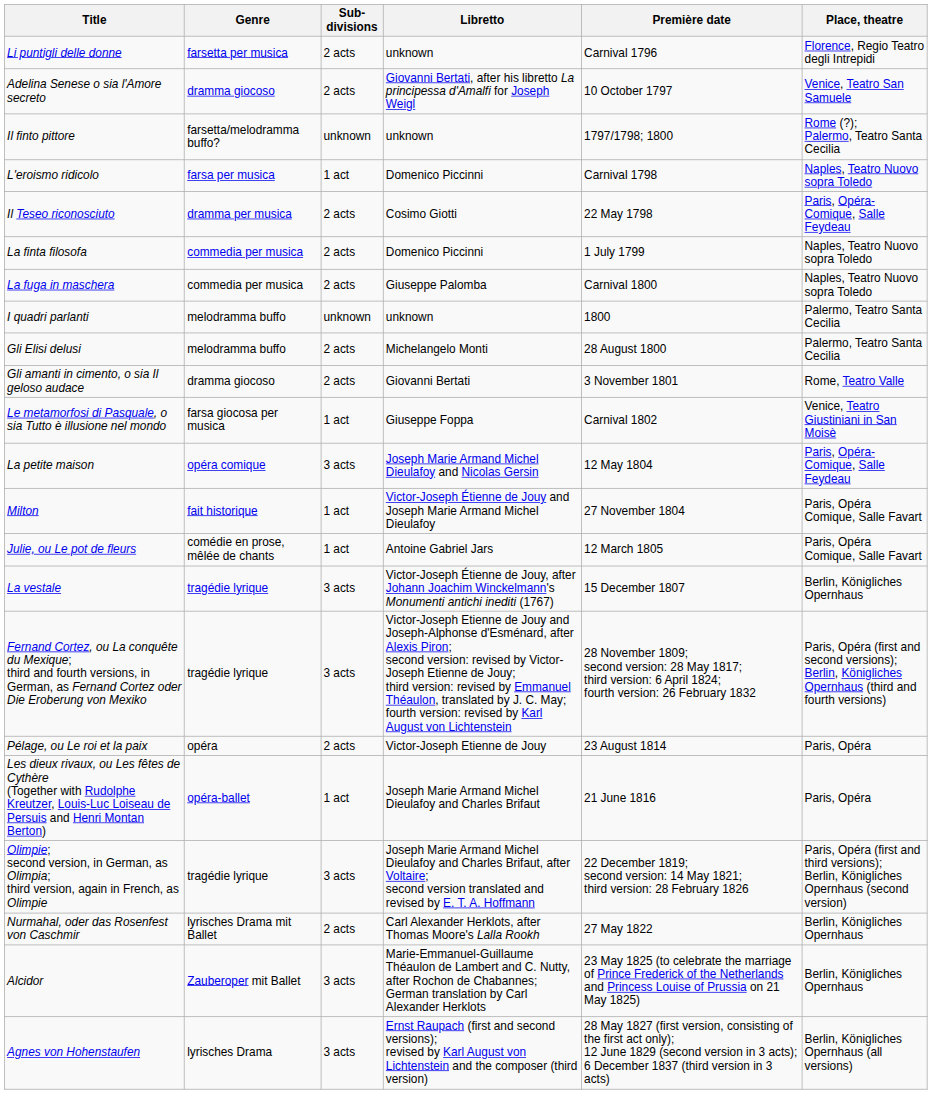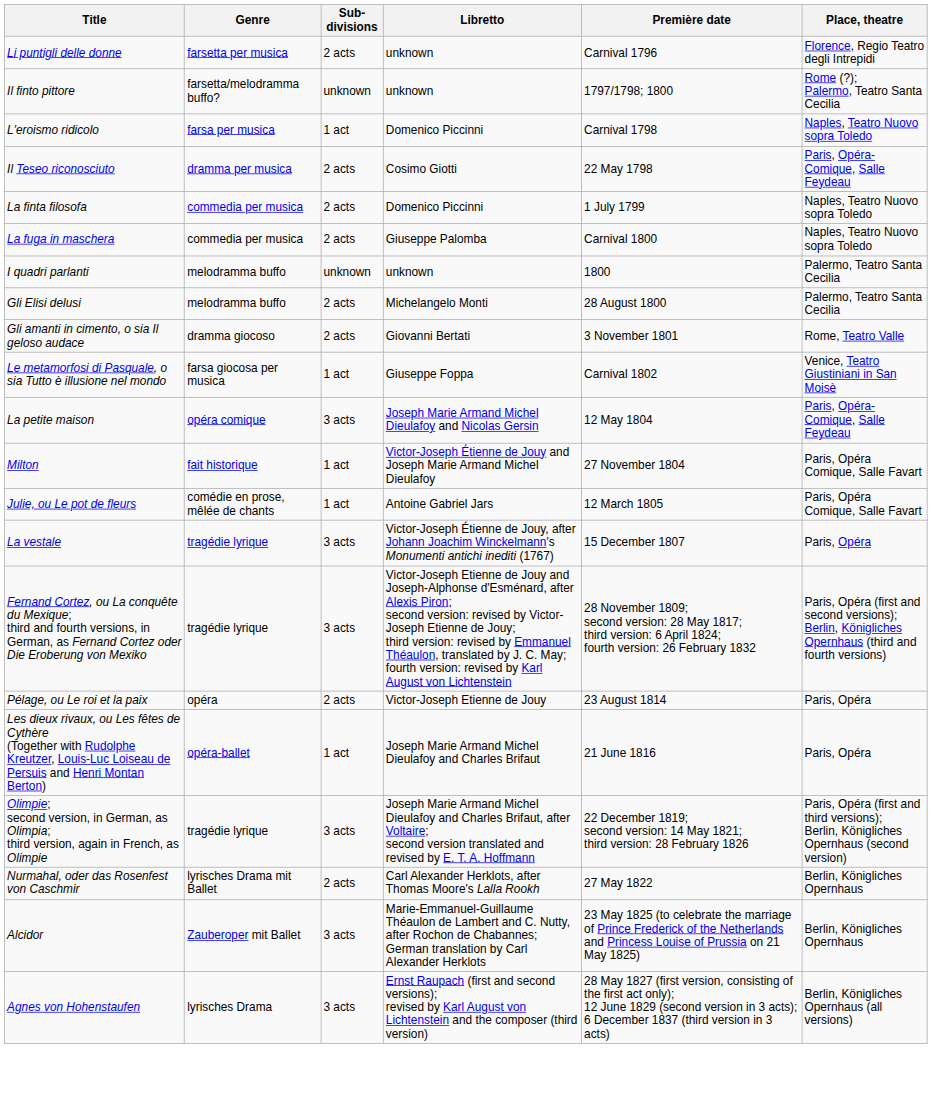 <table class="wikitable sortable">
 <tr>
 <th>Title</th>
 <th>Genre</th>
 <th>Sub­divisions</th>
 <th>Libretto</th>
 <th>Première date</th>
 <th>Place, theatre</th>
 </tr>
 <tr>
 <td><em><a href='#'>Li puntigli delle donne</a></em></td>
 <td><a href='#'>farsetta per musica</a></td>
 <td>2 acts</td>
 <td>unknown</td>
 <td>Carnival 1796</td>
 <td><a href='#'>Florence</a>, Regio Teatro degli Intrepidi</td>
-</tr>
-<tr>
-<td><em>Adelina Senese o sia l'Amore secreto</em></td>
-<td><a href='#'>dramma giocoso</a></td>
-<td>2 acts</td>
-<td><a href='#'>Giovanni Bertati</a>, after his libretto <em>La principessa d'Amalfi</em> for <a href='#'>Joseph Weigl</a></td>
-<td>10 October 1797</td>
-<td><a href='#'>Venice</a>, <a href='#'>Teatro San Samuele</a></td>
 </tr>
 <tr>
 <td><em>Il finto pittore</em></td>
 <td>farsetta/melodramma buffo?</td>
 <td>unknown</td>
 <td>unknown</td>
 <td>1797/1798; 1800</td>
 <td><a href='#'>Rome</a> (?);<br><a href='#'>Palermo</a>, Teatro Santa Cecilia</td>
 </tr>
 <tr>
 <td><em>L'eroismo ridicolo</em></td>
 <td><a href='#'>farsa per musica</a></td>
 <td>1 act</td>
 <td>Domenico Piccinni</td>
 <td>Carnival 1798</td>
 <td><a href='#'>Naples</a>, <a href='#'>Teatro Nuovo sopra Toledo</a></td>
 </tr>
 <tr>
 <td><em>Il <a href='#'>Teseo riconosciuto</a></em></td>
 <td><a href='#'>dramma per musica</a></td>
 <td>2 acts</td>
 <td>Cosimo Giotti</td>
 <td>22 May 1798</td>
 <td><a href='#'>Paris</a>, <a href='#'>Opéra-Comique</a>, <a href='#'>Salle Feydeau</a></td>
 </tr>
 <tr>
 <td><em>La finta filosofa</em></td>
 <td><a href='#'>commedia per musica</a></td>
 <td>2 acts</td>
 <td>Domenico Piccinni</td>
 <td>1 July 1799</td>
 <td>Naples, Teatro Nuovo sopra Toledo</td>
 </tr>
 <tr>
 <td><em><a href='#'>La fuga in maschera</a></em></td>
 <td>commedia per musica</td>
 <td>2 acts</td>
 <td>Giuseppe Palomba</td>
 <td>Carnival 1800</td>
 <td>Naples, Teatro Nuovo sopra Toledo</td>
 </tr>
 <tr>
 <td><em>I quadri parlanti</em></td>
 <td>melodramma buffo</td>
 <td>unknown</td>
 <td>unknown</td>
 <td>1800</td>
 <td>Palermo, Teatro Santa Cecilia</td>
 </tr>
 <tr>
 <td><em>Gli Elisi delusi</em></td>
 <td>melodramma buffo</td>
 <td>2 acts</td>
 <td>Michelangelo Monti</td>
 <td>28 August 1800</td>
 <td>Palermo, Teatro Santa Cecilia</td>
 </tr>
 <tr>
 <td><em>Gli amanti in cimento, o sia Il geloso audace</em></td>
 <td>dramma giocoso</td>
 <td>2 acts</td>
 <td>Giovanni Bertati</td>
 <td>3 November 1801</td>
 <td>Rome, <a href='#'>Teatro Valle</a></td>
 </tr>
 <tr>
 <td><em><a href='#'>Le metamorfosi di Pasquale</a>, o sia Tutto è illusione nel mondo</em></td>
 <td>farsa giocosa per musica</td>
 <td>1 act</td>
 <td>Giuseppe Foppa</td>
 <td>Carnival 1802</td>
 <td>Venice, <a href='#'>Teatro Giustiniani in San Moisè</a></td>
 </tr>
 <tr>
 <td><em>La petite maison</em></td>
 <td><a href='#'>opéra comique</a></td>
 <td>3 acts</td>
 <td><a href='#'>Joseph Marie Armand Michel Dieulafoy</a> and <a href='#'>Nicolas Gersin</a></td>
 <td>12 May 1804</td>
 <td><a href='#'>Paris</a>, <a href='#'>Opéra-Comique</a>, <a href='#'>Salle Feydeau</a></td>
 </tr>
 <tr>
 <td><em><a href='#'>Milton</a></em></td>
 <td><a href='#'>fait historique</a></td>
 <td>1 act</td>
 <td><a href='#'>Victor-Joseph Étienne de Jouy</a> and Joseph Marie Armand Michel Dieulafoy</td>
 <td>27 November 1804</td>
 <td>Paris, Opéra Comique, Salle Favart</td>
 </tr>
 <tr>
 <td><em><a href='#'>Julie, ou Le pot de fleurs</a></em></td>
 <td>comédie en prose, mêlée de chants</td>
 <td>1 act</td>
 <td>Antoine Gabriel Jars</td>
 <td>12 March 1805</td>
 <td>Paris, Opéra Comique, Salle Favart</td>
 </tr>
 <tr>
 <td><em><a href='#'>La vestale</a></em></td>
 <td><a href='#'>tragédie lyrique</a></td>
 <td>3 acts</td>
 <td>Victor-Joseph Étienne de Jouy, after <a href='#'>Johann Joachim Winckelmann</a>'s <em>Monumenti antichi inediti</em> (1767)</td>
 <td>15 December 1807</td>
-<td>Berlin, Königliches Opernhaus</td>
+<td>Paris, <a href='#'>Opéra</a></td>
 </tr>
 <tr>
 <td><em><a href='#'>Fernand Cortez</a>, ou La conquête du Mexique</em>;<br>third and fourth versions, in German, as <em>Fernand Cortez oder Die Eroberung von Mexiko</em></td>
 <td>tragédie lyrique</td>
 <td>3 acts</td>
 <td>Victor-Joseph Etienne de Jouy and Joseph-Alphonse d'Esménard, after <a href='#'>Alexis Piron</a>;<br>second version: revised by Victor-Joseph Etienne de Jouy;<br>third version: revised by <a href='#'>Emmanuel Théaulon</a>, translated by J. C. May;<br>fourth version: revised by <a href='#'>Karl August von Lichtenstein</a></td>
 <td> 28 November 1809;<br>second version: 28 May 1817;<br>third version: 6 April 1824;<br>fourth version: 26 February 1832</td>
 <td>Paris, Opéra (first and second versions);<br><a href='#'>Berlin</a>, <a href='#'>Königliches Opernhaus</a> (third and fourth versions)</td>
 </tr>
 <tr>
 <td><em>Pélage, ou Le roi et la paix</em></td>
 <td>opéra</td>
 <td>2 acts</td>
 <td>Victor-Joseph Etienne de Jouy</td>
 <td>23 August 1814</td>
 <td>Paris, Opéra</td>
 </tr>
 <tr>
 <td><em>Les dieux rivaux, ou Les fêtes de Cythère</em><br>(Together with <a href='#'>Rudolphe Kreutzer</a>, <a href='#'>Louis-Luc Loiseau de Persuis</a> and <a href='#'>Henri Montan Berton</a>)</td>
 <td><a href='#'>opéra-ballet</a></td>
 <td>1 act</td>
 <td>Joseph Marie Armand Michel Dieulafoy and Charles Brifaut</td>
 <td>21 June 1816</td>
 <td>Paris, Opéra</td>
 </tr>
 <tr>
 <td><em><a href='#'>Olimpie</a></em>;<br>second version, in German, as <em>Olimpia</em>;<br>third version, again in French, as <em>Olimpie</em></td>
 <td>tragédie lyrique</td>
 <td>3 acts</td>
 <td>Joseph Marie Armand Michel Dieulafoy and Charles Brifaut, after <a href='#'>Voltaire</a>;<br>second version translated and revised by <a href='#'>E. T. A. Hoffmann</a></td>
 <td>22 December 1819;<br>second version: 14 May 1821;<br>third version: 28 February 1826</td>
 <td>Paris, Opéra (first and third versions);<br>Berlin, Königliches Opernhaus (second version)</td>
 </tr>
 <tr>
 <td><em>Nurmahal, oder das Rosenfest von Caschmir</em></td>
 <td>lyrisches Drama mit Ballet</td>
 <td>2 acts</td>
 <td>Carl Alexander Herklots, after Thomas Moore's <em>Lalla Rookh</em></td>
 <td>27 May 1822</td>
 <td>Berlin, Königliches Opernhaus</td>
 </tr>
 <tr>
 <td><em>Alcidor</em></td>
 <td><a href='#'>Zauberoper</a> mit Ballet</td>
 <td>3 acts</td>
 <td>Marie-Emmanuel-Guillaume Théaulon de Lambert and C. Nutty, after Rochon de Chabannes;<br>German translation by Carl Alexander Herklots</td>
 <td>23 May 1825 (to celebrate the marriage of <a href='#'>Prince Frederick of the Netherlands</a> and <a href='#'>Princess Louise of Prussia</a> on 21 May 1825)</td>
 <td>Berlin, Königliches Opernhaus</td>
 </tr>
 <tr>
 <td><em><a href='#'>Agnes von Hohenstaufen</a></em></td>
 <td>lyrisches Drama</td>
 <td>3 acts</td>
 <td><a href='#'>Ernst Raupach</a> (first and second versions);<br>revised by <a href='#'>Karl August von Lichtenstein</a> and the composer (third version)</td>
 <td>28 May 1827 (first version, consisting of the first act only);<br>12 June 1829 (second version in 3 acts);<br>6 December 1837 (third version in 3 acts)</td>
 <td>Berlin, Königliches Opernhaus (all versions)</td>
 </tr>
 </table>
